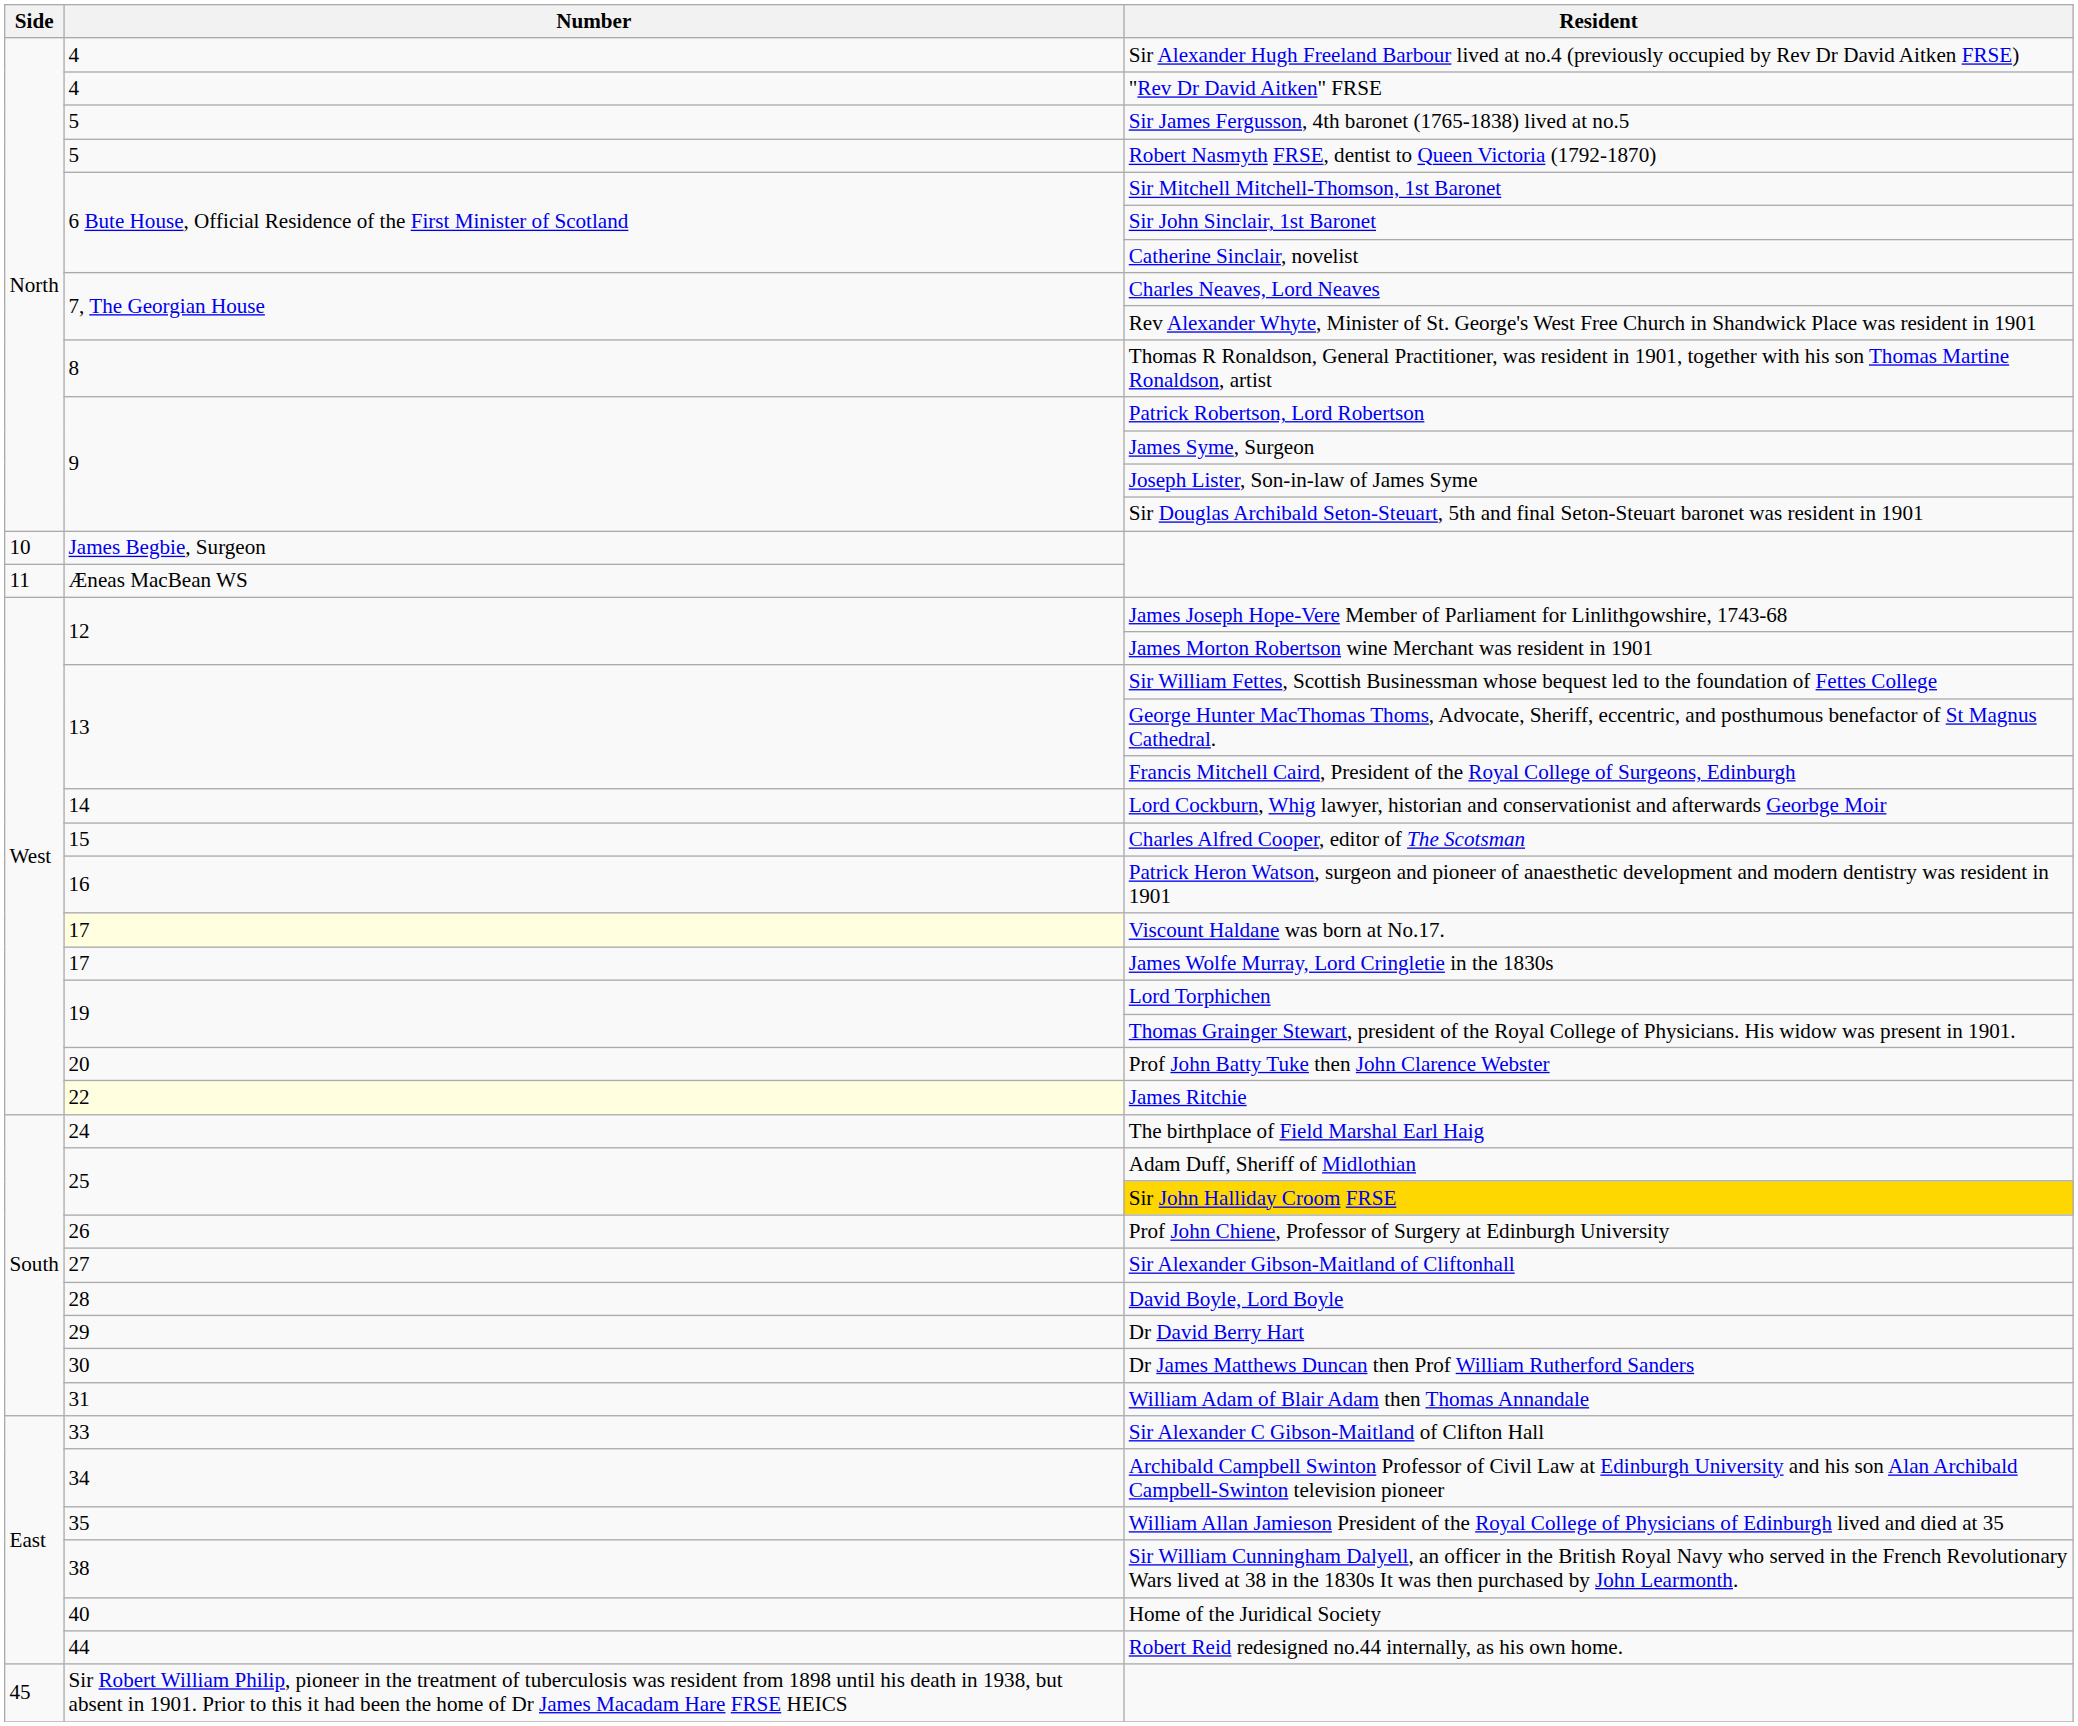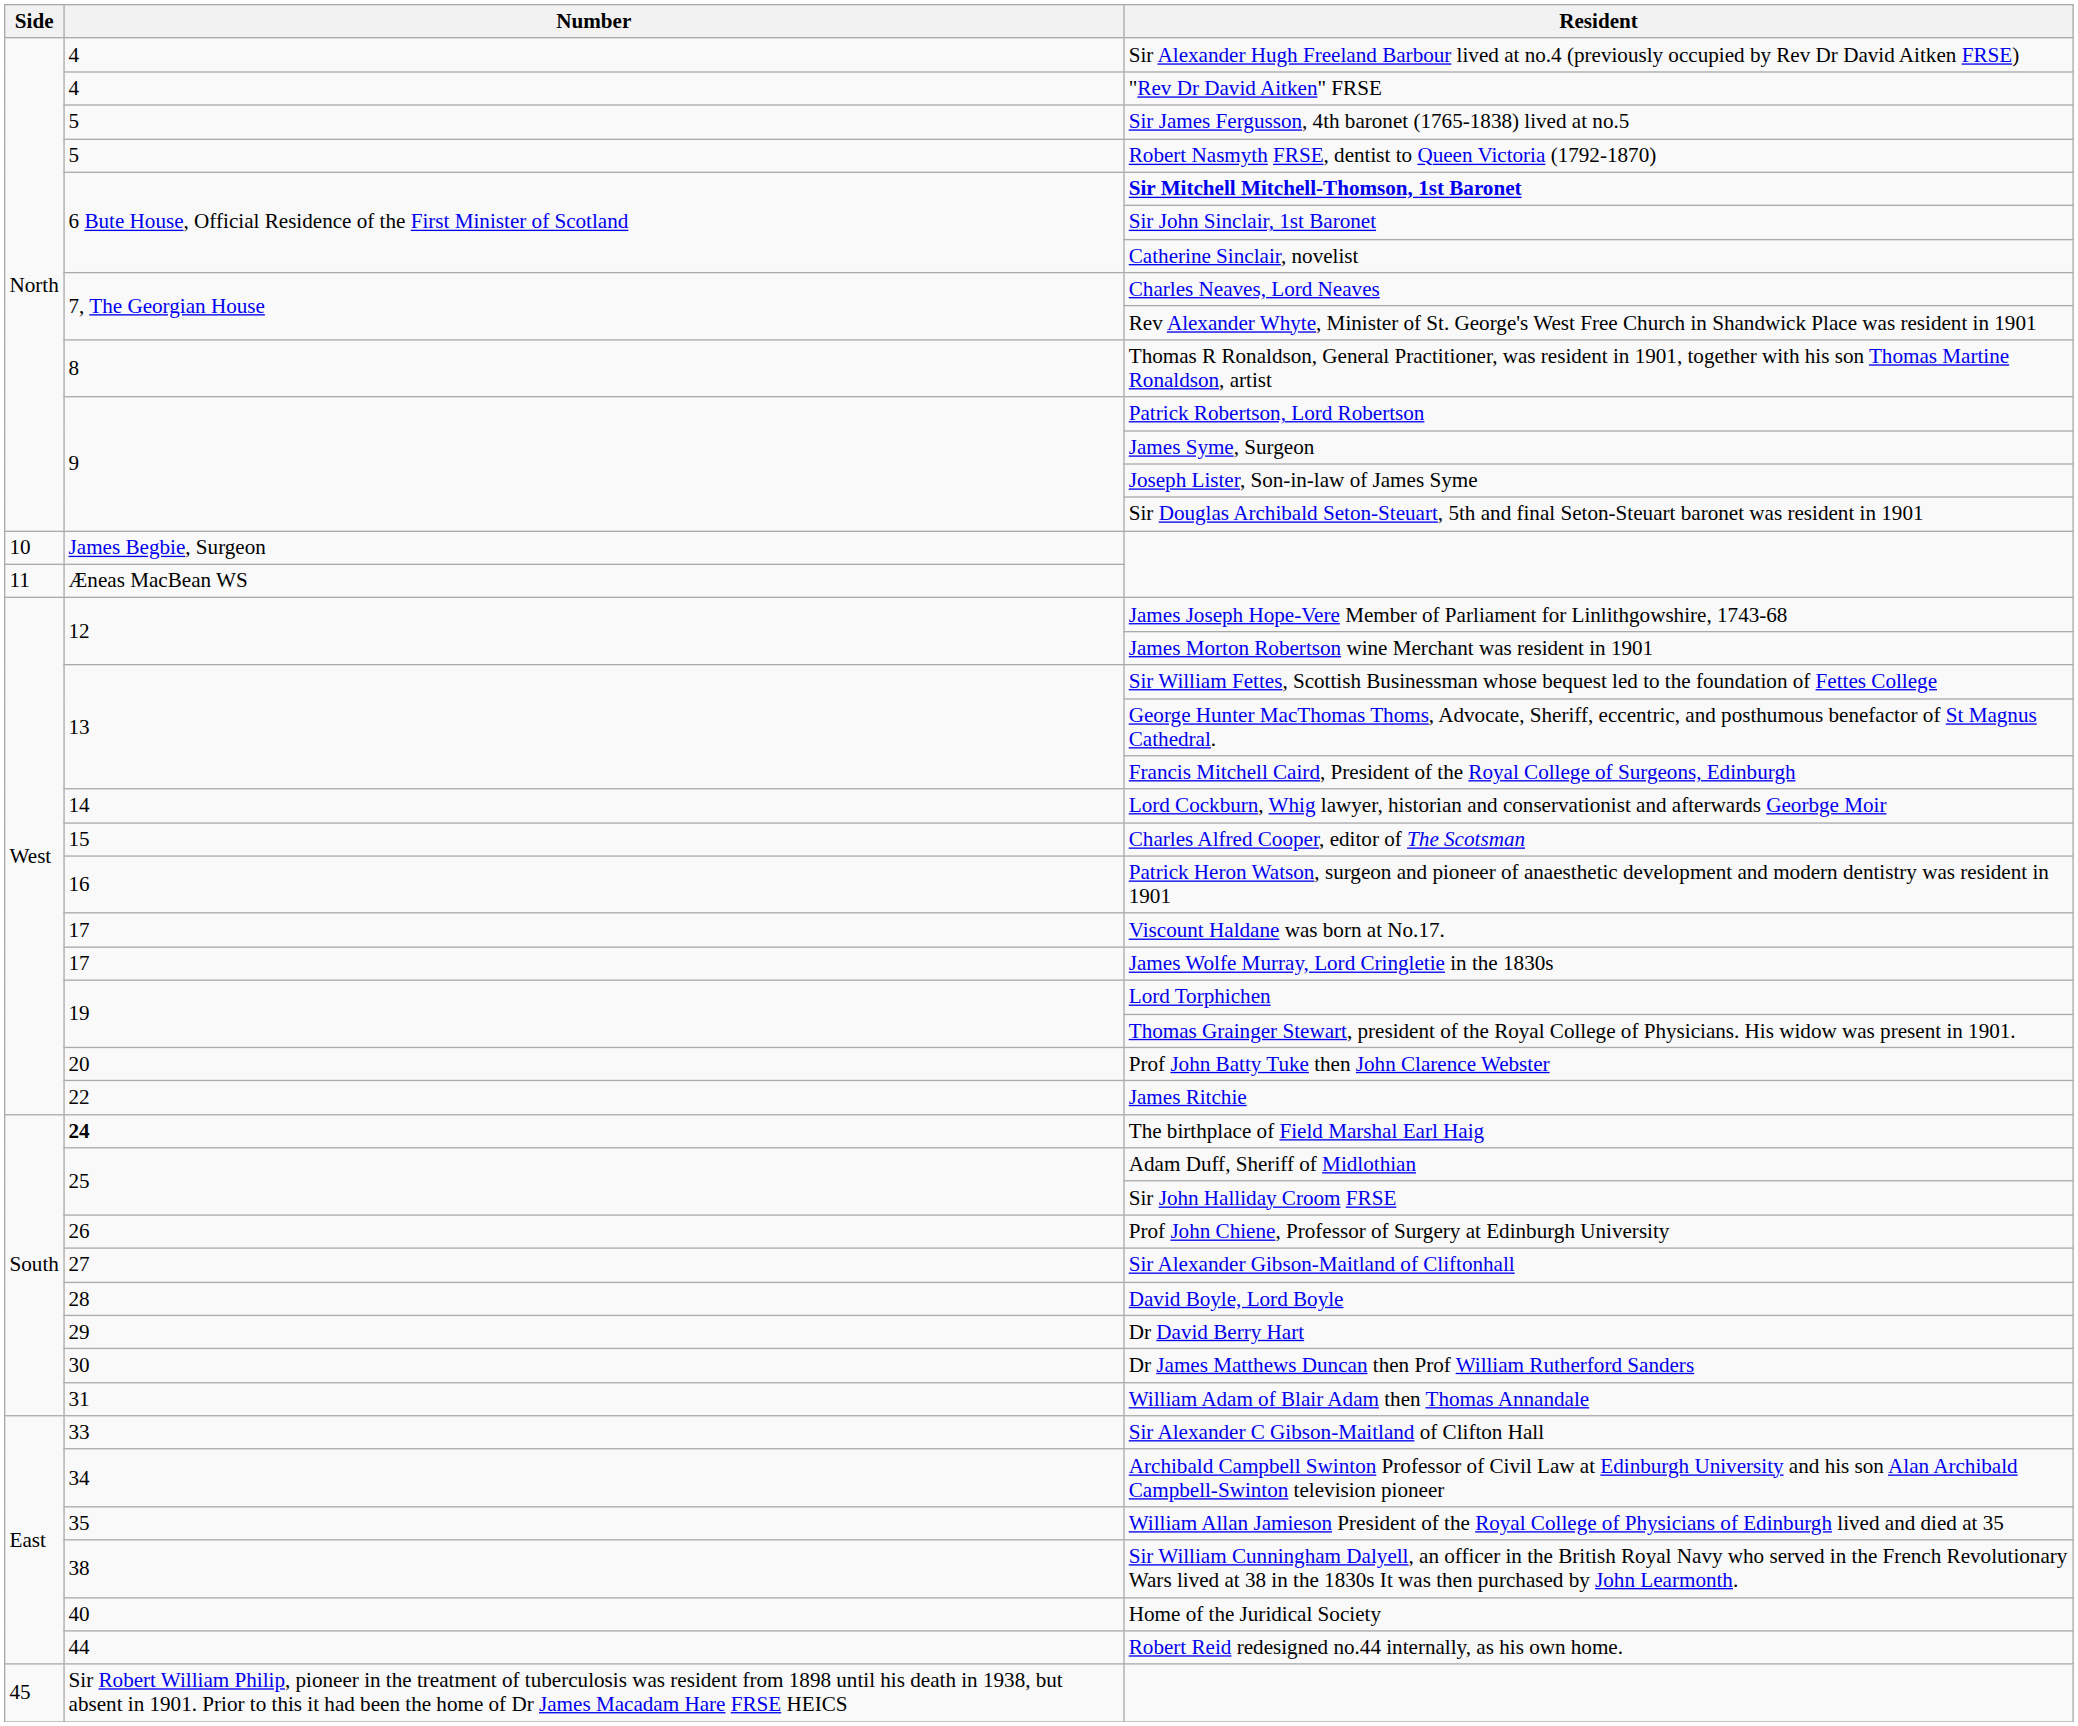 <table class="wikitable sortable collapsible">
 <tr>
 <th>Side</th>
 <th data-sort-type="Number">Number</th>
 <th>Resident</th>
 </tr>
 <tr>
 <td rowspan=14>North</td>
 <td>4</td>
 <td data-sort-value="Barbour, Alexander Hugh Freeland">Sir <a href='#'>Alexander Hugh Freeland Barbour</a> lived at no.4 (previously occupied by Rev Dr David Aitken <a href='#'>FRSE</a>)</td>
 </tr>
 <tr>
 <td>4</td>
 <td>"<a href='#'>Rev Dr David Aitken</a>" FRSE</td>
 </tr>
 <tr>
 <td>5</td>
 <td data-sort-value="Fergusson, James"><a href='#'>Sir James Fergusson</a>, 4th baronet (1765-1838) lived at no.5</td>
 </tr>
 <tr>
 <td>5</td>
 <td data-sort-value="Robert Nasmyth"><a href='#'>Robert Nasmyth</a> <a href='#'>FRSE</a>, dentist to <a href='#'>Queen Victoria</a> (1792-1870)</td>
 </tr>
 <tr>
 <td rowspan=3>6 <a href='#'>Bute House</a>, Official Residence of the <a href='#'>First Minister of Scotland</a></td>
-<td data-sort-value="Mitchell-Thomson, Mitchell"><a href='#'>Sir Mitchell Mitchell-Thomson, 1st Baronet</a></td>
+<td data-sort-value="Mitchell-Thomson, Mitchell"><strong><a href='#'>Sir Mitchell Mitchell-Thomson, 1st Baronet</a></strong></td>
 </tr>
 <tr>
 <td data-sort-value="Sinclair, John"><a href='#'>Sir John Sinclair, 1st Baronet</a></td>
 </tr>
 <tr>
 <td data-sort-value="Sinclair, Catherine"><a href='#'>Catherine Sinclair</a>, novelist</td>
 </tr>
 <tr>
 <td rowspan=2>7, <a href='#'>The Georgian House</a></td>
 <td data-sort-value="Neaves, Charles"><a href='#'>Charles Neaves, Lord Neaves</a></td>
 </tr>
 <tr>
 <td data-sort-value="Whyte, Alexander">Rev <a href='#'>Alexander Whyte</a>, Minister of St. George's West Free Church in Shandwick Place was resident in 1901</td>
 </tr>
 <tr>
 <td>8</td>
 <td data-sort-value="Ronaldson, Thomas R">Thomas R Ronaldson, General Practitioner, was resident in 1901, together with his son <a href='#'>Thomas Martine Ronaldson</a>, artist</td>
 </tr>
 <tr>
 <td rowspan=4>9</td>
 <td data-sort-value="Robertson, Patrick"><a href='#'>Patrick Robertson, Lord Robertson</a></td>
 </tr>
 <tr>
 <td data-sort-value="Syme, James"><a href='#'>James Syme</a>, Surgeon</td>
 </tr>
 <tr>
 <td data-sort-value="Lister, Joseph"><a href='#'>Joseph Lister</a>, Son-in-law of James Syme</td>
 </tr>
 <tr>
 <td data-sort-value="Seton-Steuart, Douglas Archibald">Sir <a href='#'>Douglas Archibald Seton-Steuart</a>, 5th and final Seton-Steuart baronet was resident in 1901</td>
 </tr>
 <tr>
 <td>10</td>
 <td data-sort-value="Begbie, James"><a href='#'>James Begbie</a>, Surgeon</td>
 </tr>
 <tr>
 <td>11</td>
 <td data-sort-value="McBean, Aenas">Æneas MacBean WS<br></td>
 </tr>
 <tr>
 <td rowspan="14">West</td>
 <td rowspan=2>12</td>
 <td data-sort-value="Hope-Vere, James Joseph"><a href='#'>James Joseph Hope-Vere</a> Member of Parliament for Linlithgowshire, 1743-68</td>
 </tr>
 <tr>
 <td data-sort-value="Robertson, James Morton"><a href='#'>James Morton Robertson</a> wine Merchant was resident in 1901</td>
 </tr>
 <tr>
 <td rowspan="3">13</td>
 <td data-sort-value="Fettes, William"><a href='#'>Sir William Fettes</a>, Scottish Businessman whose bequest led to the foundation of <a href='#'>Fettes College</a></td>
 </tr>
 <tr>
 <td><a href='#'>George Hunter MacThomas Thoms</a>, Advocate, Sheriff, eccentric, and posthumous benefactor of <a href='#'>St Magnus Cathedral</a>.</td>
 </tr>
 <tr>
 <td data-sort-value="Caird, Francis Mitchell"><a href='#'>Francis Mitchell Caird</a>, President of the <a href='#'>Royal College of Surgeons, Edinburgh</a></td>
 </tr>
 <tr>
 <td>14</td>
 <td data-sort-value="Cockburn, Henry"><a href='#'>Lord Cockburn</a>, <a href='#'>Whig</a> lawyer, historian and conservationist and afterwards <a href='#'>Georbge Moir</a></td>
 </tr>
 <tr>
 <td>15</td>
 <td data-sort-value="Cooper, Charles Alfred"><a href='#'>Charles Alfred Cooper</a>, editor of <em><a href='#'>The Scotsman</a></em></td>
 </tr>
 <tr>
 <td>16</td>
 <td data-sort-value="Watson, Patrick Heron"><a href='#'>Patrick Heron Watson</a>, surgeon and pioneer of anaesthetic development and modern dentistry was resident in 1901</td>
 </tr>
 <tr>
-<td style="background: lightyellow;">17</td>
+<td>17</td>
 <td data-sort-value="Haldane, Richard"><a href='#'>Viscount Haldane</a> was born at No.17.</td>
 </tr>
 <tr>
 <td>17</td>
 <td data-sort-value="Murray, James Wolfe"><a href='#'>James Wolfe Murray, Lord Cringletie</a> in the 1830s</td>
 </tr>
 <tr>
 <td rowspan=2>19</td>
 <td data-sort-value="Sandilands"><a href='#'>Lord Torphichen</a></td>
 </tr>
 <tr>
 <td data-sort-value="Stewart, Thomas Grainger"><a href='#'>Thomas Grainger Stewart</a>, president of the Royal College of Physicians. His widow was present in 1901.</td>
 </tr>
 <tr>
 <td>20</td>
 <td data-sort-value="Tuke, John Batty">Prof <a href='#'>John Batty Tuke</a> then <a href='#'>John Clarence Webster</a></td>
 </tr>
 <tr>
-<td style="background: lightyellow;">22</td>
+<td>22</td>
 <td data-sort-value="Ritchie, James "><a href='#'>James Ritchie</a><br></td>
 </tr>
 <tr>
 <td rowspan=9>South</td>
-<td>24</td>
+<td><strong>24</strong></td>
 <td data-sort-value="Haig, Douglas">The birthplace of <a href='#'>Field Marshal Earl Haig</a></td>
 </tr>
 <tr>
 <td rowspan=2>25</td>
 <td data-sort-value="Duff, Adam">Adam Duff, Sheriff of <a href='#'>Midlothian</a></td>
 </tr>
 <tr>
-<td data-sort-value="Croom, John Halliday" style="background: gold;">Sir <a href='#'>John Halliday Croom</a> <a href='#'>FRSE</a></td>
+<td data-sort-value="Croom, John Halliday">Sir <a href='#'>John Halliday Croom</a> <a href='#'>FRSE</a></td>
 </tr>
 <tr>
 <td>26</td>
 <td data-sort-value="Chiene, John">Prof <a href='#'>John Chiene</a>, Professor of Surgery at Edinburgh University</td>
 </tr>
 <tr>
 <td>27</td>
 <td data-sort-value="Gibson-Maitland, Alexander"><a href='#'>Sir Alexander Gibson-Maitland of Cliftonhall</a></td>
 </tr>
 <tr>
 <td>28</td>
 <td data-sort-value="Boyle, David"><a href='#'>David Boyle, Lord Boyle</a></td>
 </tr>
 <tr>
 <td>29</td>
 <td data-sort-value="Hart, David Berry">Dr <a href='#'>David Berry Hart</a></td>
 </tr>
 <tr>
 <td>30</td>
 <td data-sort-value="James Matthews Duncan">Dr <a href='#'>James Matthews Duncan</a> then Prof <a href='#'>William Rutherford Sanders</a></td>
 </tr>
 <tr>
 <td>31</td>
 <td data-sort-value="Adam, William"><a href='#'>William Adam of Blair Adam</a> then <a href='#'>Thomas Annandale</a><br></td>
 </tr>
 <tr>
 <td rowspan=6>East</td>
 <td>33</td>
 <td data-sort-value="Ramsay-Gibson-Maitland, Alexander"><a href='#'>Sir Alexander C Gibson-Maitland</a> of Clifton Hall</td>
 </tr>
 <tr>
 <td>34</td>
 <td data-sort-value="Archibald Campbell Swinton"><a href='#'>Archibald Campbell Swinton</a> Professor of Civil Law at <a href='#'>Edinburgh University</a> and his son <a href='#'>Alan Archibald Campbell-Swinton</a> television pioneer</td>
 </tr>
 <tr>
 <td>35</td>
 <td data-sort-value="William Allan Jamieson"><a href='#'>William Allan Jamieson</a> President of the <a href='#'>Royal College of Physicians of Edinburgh</a> lived and died at 35</td>
 </tr>
 <tr>
 <td>38</td>
 <td data-sort-value="Dalyell, William Cunningham"><a href='#'>Sir William Cunningham Dalyell</a>, an officer in the British Royal Navy who served in the French Revolutionary Wars lived at 38 in the 1830s It was then purchased by <a href='#'>John Learmonth</a>.</td>
 </tr>
 <tr>
 <td>40</td>
 <td data-sort-value="Juridicial Society, The">Home of the Juridical Society</td>
 </tr>
 <tr>
 <td>44</td>
 <td data-sort-value="Reid, Robert"><a href='#'>Robert Reid</a> redesigned no.44 internally, as his own home.</td>
 </tr>
 <tr>
 <td>45</td>
 <td data-sort-value="Philip, Robert William">Sir <a href='#'>Robert William Philip</a>, pioneer in the treatment of tuberculosis was resident from 1898 until his death in 1938, but absent in 1901. Prior to this it had been the home of Dr <a href='#'>James Macadam Hare</a> <a href='#'>FRSE</a> HEICS</td>
 </tr>
 </table>
